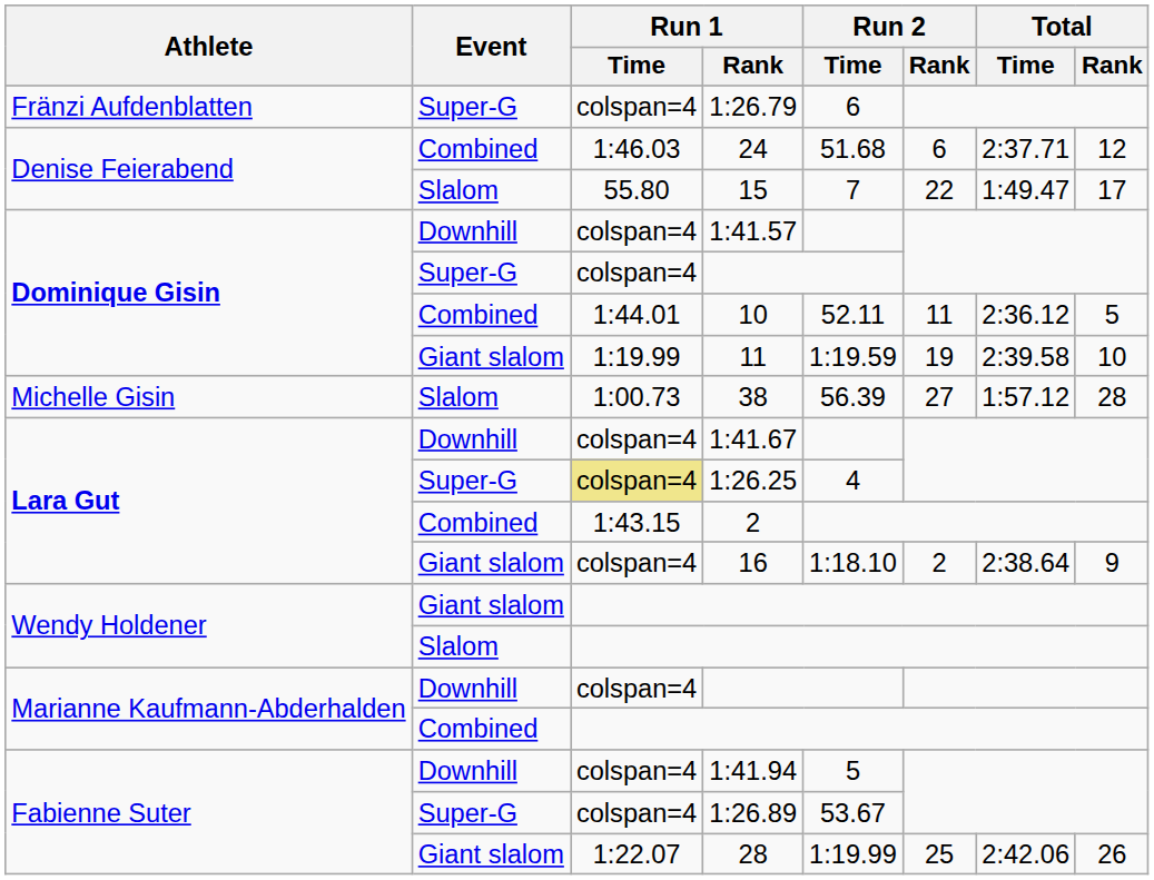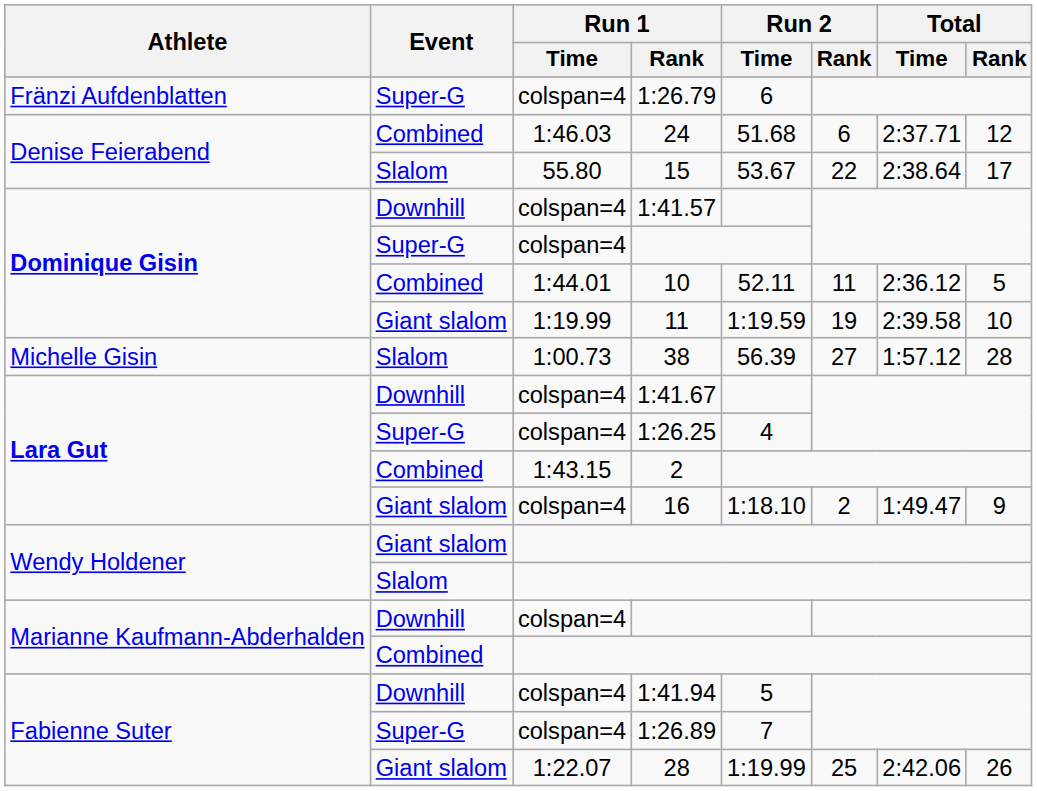 <table class="wikitable" style="font-size:90%">
 <tr>
 <th rowspan=2>Athlete</th>
 <th rowspan=2>Event</th>
 <th colspan=2>Run 1</th>
 <th colspan=2>Run 2</th>
 <th colspan=2>Total</th>
 </tr>
 <tr style="font-size:95%">
 <th>Time</th>
 <th>Rank</th>
 <th>Time</th>
 <th>Rank</th>
 <th>Time</th>
 <th>Rank</th>
 </tr>
 <tr align=center>
 <td align=left><a href='#'>Fränzi Aufdenblatten</a></td>
 <td align=left><a href='#'>Super-G</a></td>
 <td>colspan=4 </td>
 <td>1:26.79</td>
 <td>6</td>
 </tr>
 <tr align=center>
 <td align=left rowspan=2><a href='#'>Denise Feierabend</a></td>
 <td align=left><a href='#'>Combined</a></td>
 <td>1:46.03</td>
 <td>24</td>
 <td>51.68</td>
 <td>6</td>
 <td>2:37.71</td>
 <td>12</td>
 </tr>
 <tr align=center>
 <td align=left><a href='#'>Slalom</a></td>
 <td>55.80</td>
 <td>15</td>
-<td>7</td>
+<td>53.67</td>
 <td>22</td>
-<td>1:49.47</td>
+<td>2:38.64</td>
 <td>17</td>
 </tr>
 <tr align=center>
 <td align=left rowspan=4><strong><a href='#'>Dominique Gisin</a></strong></td>
 <td align=left><a href='#'>Downhill</a></td>
 <td>colspan=4 </td>
 <td>1:41.57</td>
 <td></td>
 </tr>
 <tr align=center>
 <td align=left><a href='#'>Super-G</a></td>
 <td>colspan=4 </td>
 <td colspan=2></td>
 </tr>
 <tr align=center>
 <td align=left><a href='#'>Combined</a></td>
 <td>1:44.01</td>
 <td>10</td>
 <td>52.11</td>
 <td>11</td>
 <td>2:36.12</td>
 <td>5</td>
 </tr>
 <tr align=center>
 <td align=left><a href='#'>Giant slalom</a></td>
 <td>1:19.99</td>
 <td>11</td>
 <td>1:19.59</td>
 <td>19</td>
 <td>2:39.58</td>
 <td>10</td>
 </tr>
 <tr align=center>
 <td align=left><a href='#'>Michelle Gisin</a></td>
 <td align=left><a href='#'>Slalom</a></td>
 <td>1:00.73</td>
 <td>38</td>
 <td>56.39</td>
 <td>27</td>
 <td>1:57.12</td>
 <td>28</td>
 </tr>
 <tr align=center>
 <td align=left rowspan=4><strong><a href='#'>Lara Gut</a></strong></td>
 <td align=left><a href='#'>Downhill</a></td>
 <td>colspan=4 </td>
 <td>1:41.67</td>
 <td></td>
 </tr>
 <tr align=center>
 <td align=left><a href='#'>Super-G</a></td>
-<td style="background: khaki;">colspan=4 </td>
+<td>colspan=4 </td>
 <td>1:26.25</td>
 <td>4</td>
 </tr>
 <tr align=center>
 <td align=left><a href='#'>Combined</a></td>
 <td>1:43.15</td>
 <td>2</td>
 <td colspan=4></td>
 </tr>
 <tr align=center>
 <td align=left><a href='#'>Giant slalom</a></td>
 <td>colspan=4 </td>
 <td>16</td>
 <td>1:18.10</td>
 <td>2</td>
-<td>2:38.64</td>
+<td>1:49.47</td>
 <td>9</td>
 </tr>
 <tr align=center>
 <td align=left rowspan=2><a href='#'>Wendy Holdener</a></td>
 <td align=left><a href='#'>Giant slalom</a></td>
 <td colspan=6></td>
 </tr>
 <tr align=center>
 <td align=left><a href='#'>Slalom</a></td>
 <td colspan=6></td>
 </tr>
 <tr align=center>
 <td align=left rowspan=2><a href='#'>Marianne Kaufmann-Abderhalden</a></td>
 <td align=left><a href='#'>Downhill</a></td>
 <td>colspan=4 </td>
 <td colspan=2></td>
 </tr>
 <tr align=center>
 <td align=left><a href='#'>Combined</a></td>
 <td colspan=6></td>
 </tr>
 <tr align=center>
 <td align=left rowspan=3><a href='#'>Fabienne Suter</a></td>
 <td align=left><a href='#'>Downhill</a></td>
 <td>colspan=4 </td>
 <td>1:41.94</td>
 <td>5</td>
 </tr>
 <tr align=center>
 <td align=left><a href='#'>Super-G</a></td>
 <td>colspan=4 </td>
 <td>1:26.89</td>
-<td>53.67</td>
+<td>7</td>
 </tr>
 <tr align=center>
 <td align=left><a href='#'>Giant slalom</a></td>
 <td>1:22.07</td>
 <td>28</td>
 <td>1:19.99</td>
 <td>25</td>
 <td>2:42.06</td>
 <td>26</td>
 </tr>
 </table>
